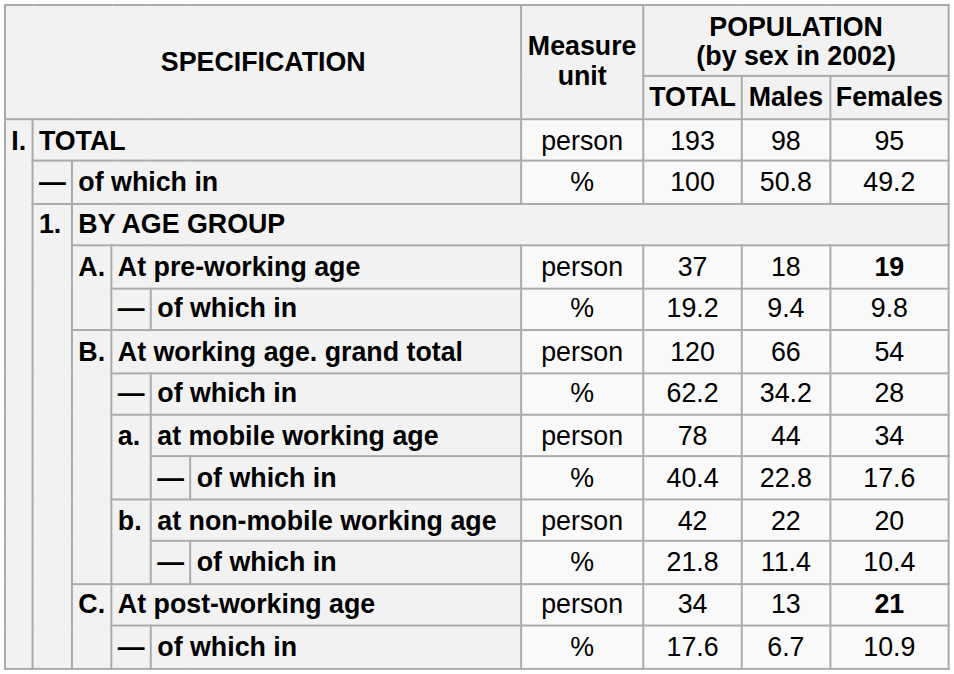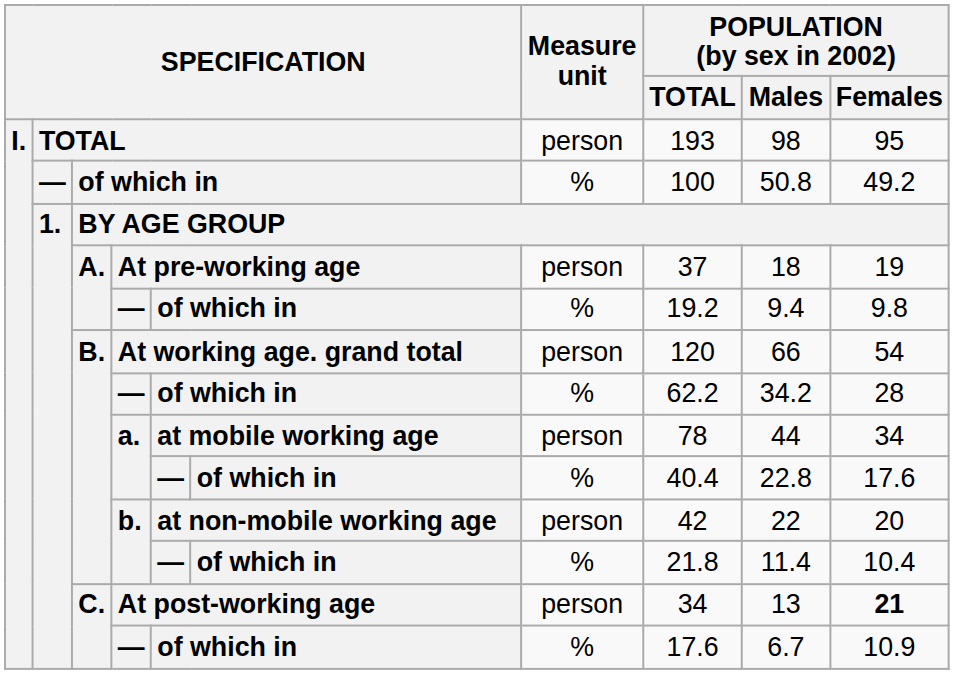 <table class="wikitable" style="font-size:85%; text-align:center">
 <tr>
 <th rowspan="2" colspan="6">SPECIFICATION</th>
 <th rowspan="2">Measure<br> unit</th>
 <th colspan="3" rowspan="1">POPULATION<br> (by sex in 2002)</th>
 </tr>
 <tr>
 <th>TOTAL</th>
 <th>Males</th>
 <th>Females</th>
 </tr>
 <tr>
 <th style="text-align:left" valign="top" rowspan="13">I.</th>
 <th style="text-align:left" colspan="5">TOTAL</th>
 <td>person</td>
 <td>193</td>
 <td>98</td>
 <td>95</td>
 </tr>
 <tr>
 <th style="text-align:left" valign="top">—</th>
 <th style="text-align:left" colspan="4">of which in</th>
 <td>%</td>
 <td>100</td>
 <td>50.8</td>
 <td>49.2</td>
 </tr>
 <tr>
 <th style="text-align:left" valign="top" rowspan="11">1.</th>
 <th style="text-align:left" colspan="19">BY AGE GROUP</th>
 </tr>
 <tr>
 <th style="text-align:left" valign="top" rowspan="2">A.</th>
 <th style="text-align:left" colspan="3">At pre-working age</th>
 <td>person</td>
 <td>37</td>
 <td>18</td>
-<td><strong>19</strong></td>
+<td>19</td>
 </tr>
 <tr>
 <th style="text-align:left" valign="top">—</th>
 <th style="text-align:left" valign="top" colspan="2">of which in</th>
 <td>%</td>
 <td>19.2</td>
 <td>9.4</td>
 <td>9.8</td>
 </tr>
 <tr>
 <th style="text-align:left" valign="top" rowspan="6">B.</th>
 <th style="text-align:left" colspan="3">At working age. grand total</th>
 <td>person</td>
 <td>120</td>
 <td>66</td>
 <td>54</td>
 </tr>
 <tr>
 <th style="text-align:left" valign="top">—</th>
 <th style="text-align:left" valign="top" colspan="2">of which in</th>
 <td>%</td>
 <td>62.2</td>
 <td>34.2</td>
 <td>28</td>
 </tr>
 <tr>
 <th style="text-align:left" valign="top" rowspan="2">a.</th>
 <th style="text-align:left" colspan="2">at mobile working age</th>
 <td>person</td>
 <td>78</td>
 <td>44</td>
 <td>34</td>
 </tr>
 <tr>
 <th style="text-align:left" valign="top">—</th>
 <th style="text-align:left" valign="top" colspan="1">of which in                        </th>
 <td>%</td>
 <td>40.4</td>
 <td>22.8</td>
 <td>17.6</td>
 </tr>
 <tr>
 <th style="text-align:left" valign="top" rowspan="2">b.</th>
 <th style="text-align:left" colspan="2">at non-mobile working age</th>
 <td>person</td>
 <td>42</td>
 <td>22</td>
 <td>20</td>
 </tr>
 <tr>
 <th style="text-align:left" valign="top">—</th>
 <th style="text-align:left" valign="top" colspan="1">of which in                        </th>
 <td>%</td>
 <td>21.8</td>
 <td>11.4</td>
 <td>10.4</td>
 </tr>
 <tr>
 <th style="text-align:left" valign="top" rowspan="2">C.</th>
 <th style="text-align:left" colspan="3">At post-working age</th>
 <td>person</td>
 <td>34</td>
 <td>13</td>
 <td><strong>21</strong></td>
 </tr>
 <tr>
 <th style="text-align:left" valign="top">—</th>
 <th style="text-align:left" valign="top" colspan="2">of which in</th>
 <td>%</td>
 <td>17.6</td>
 <td>6.7</td>
 <td>10.9</td>
 </tr>
 </table>
